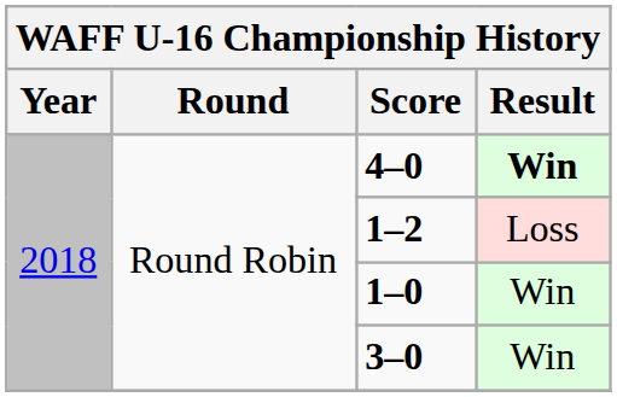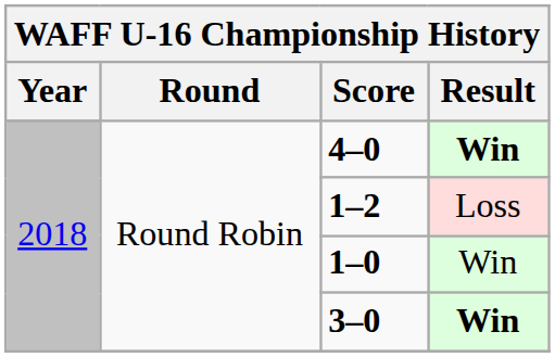 <table class="wikitable collapsible collapsed" style="text-align: center;font-size:85%;">
 <tr>
 <th colspan=4>WAFF U-16 Championship History</th>
 </tr>
 <tr>
 <th>Year</th>
 <th>Round</th>
 <th>Score</th>
 <th>Result</th>
 </tr>
 <tr>
 <td rowspan=4 style="background-color:Silver;"><a href='#'>2018</a></td>
 <td rowspan=4>Round Robin</td>
 <td align="left"> <strong>4–0</strong> </td>
 <td style="background:#dfd;"><strong>Win</strong></td>
 </tr>
 <tr>
 <td align="left"> <strong>1–2</strong> </td>
 <td style="background:#fdd;">Loss</td>
 </tr>
 <tr>
 <td align="left"> <strong>1–0</strong> </td>
 <td style="background:#dfd;">Win</td>
 </tr>
 <tr>
 <td align="left"> <strong>3–0</strong> </td>
-<td style="background:#dfd;">Win</td>
+<td style="background:#dfd;"><strong>Win</strong></td>
 </tr>
 <tr>
 </tr>
 </table>
